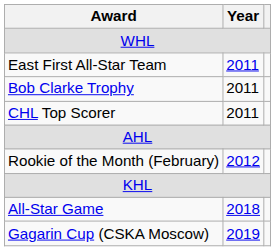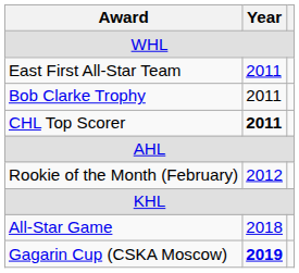 <table class="wikitable">
 <tr>
 <th>Award</th>
 <th>Year</th>
 <th></th>
 </tr>
 <tr ALIGN="center" bgcolor="#e0e0e0">
 <td colspan="3"><a href='#'>WHL</a></td>
 </tr>
 <tr>
 <td>East First All-Star Team</td>
 <td><a href='#'>2011</a></td>
 <td></td>
 </tr>
 <tr>
 <td><a href='#'>Bob Clarke Trophy</a></td>
 <td>2011</td>
 <td></td>
 </tr>
 <tr>
 <td><a href='#'>CHL</a> Top Scorer</td>
-<td>2011</td>
+<td><strong>2011</strong></td>
 <td></td>
 </tr>
 <tr ALIGN="center" bgcolor="#e0e0e0">
 <td colspan="3"><a href='#'>AHL</a></td>
 </tr>
 <tr>
 <td>Rookie of the Month (February)</td>
 <td><a href='#'>2012</a></td>
 <td></td>
 </tr>
 <tr ALIGN="center" bgcolor="#e0e0e0">
 <td colspan="3"><a href='#'>KHL</a></td>
 </tr>
 <tr>
 <td><a href='#'>All-Star Game</a></td>
 <td><a href='#'>2018</a></td>
 <td></td>
 </tr>
 <tr>
 <td><a href='#'>Gagarin Cup</a> (CSKA Moscow)</td>
-<td><a href='#'>2019</a></td>
+<td><strong><a href='#'>2019</a></strong></td>
 <td></td>
 </tr>
 </table>
